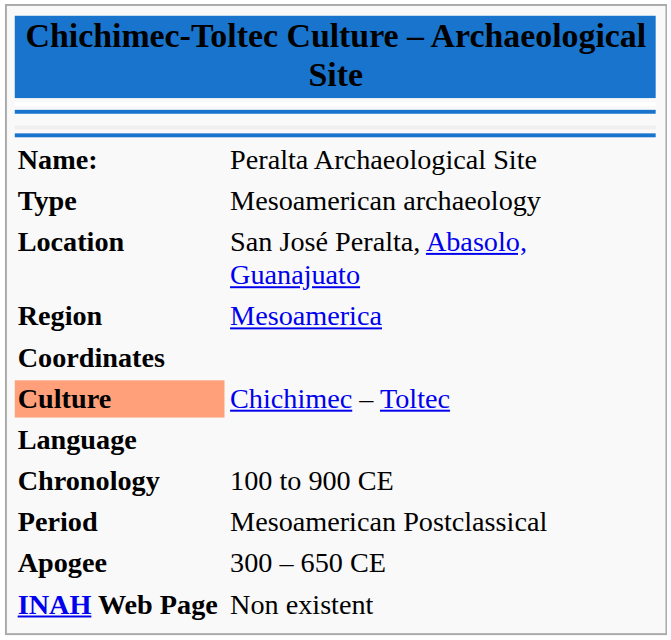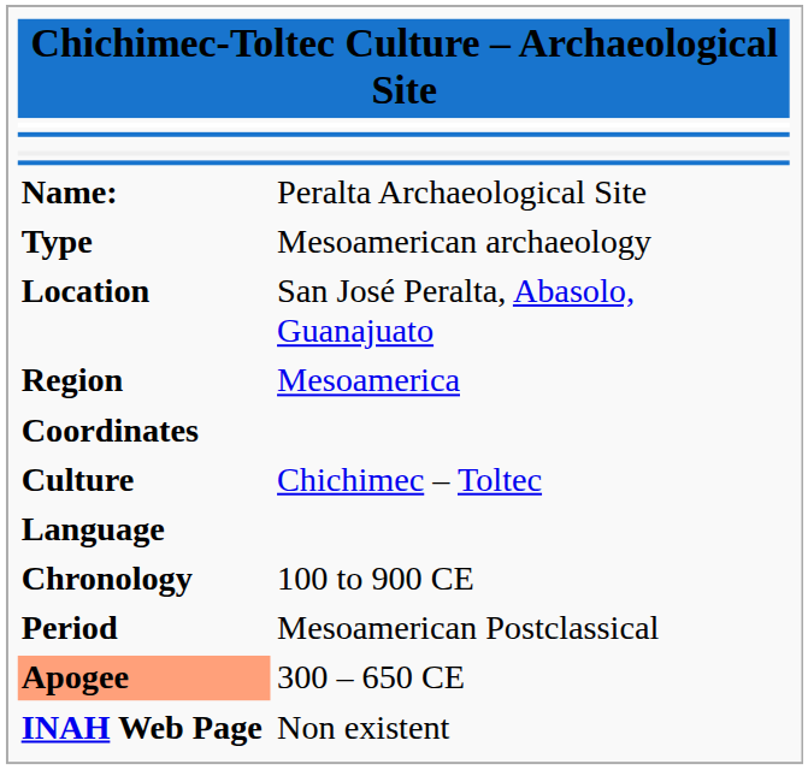 <table class="infobox" style="font-size:90%; text-align:left; width:23.5em">
 <tr>
 <td colspan="3" bgcolor=#1874CD style="text-align: center; font-size: larger;"><span><strong> Chichimec-Toltec Culture – Archaeological Site</strong></span></td>
 </tr>
 <tr style="vertical-align: top; text-align: center;">
 <td colspan=3 bgcolor="#FFFFFF" align="center"></td>
 </tr>
 <tr>
 <td colspan="2" bgcolor=#1874CD></td>
 </tr>
 <tr>
 <td colspan=2></td>
 </tr>
 <tr>
 <td style="background:#efefef;"align="center" colspan="2"></td>
 </tr>
 <tr>
 <td colspan="2" bgcolor=#1874CD></td>
 </tr>
 <tr>
 <td><strong>Name:</strong></td>
 <td><span> Peralta Archaeological Site</span></td>
 </tr>
 <tr>
 <td><strong>Type</strong></td>
 <td>Mesoamerican archaeology</td>
 </tr>
 <tr>
 <td><strong>Location</strong></td>
 <td>San José Peralta, <a href='#'>Abasolo, Guanajuato</a> <br></td>
 </tr>
 <tr>
 <td><strong>Region</strong></td>
 <td><a href='#'>Mesoamerica</a></td>
 </tr>
 <tr>
 <td><strong>Coordinates</strong></td>
 <td></td>
 </tr>
 <tr>
-<td style="background: lightsalmon;"><strong>Culture</strong></td>
+<td><strong>Culture</strong></td>
 <td><a href='#'>Chichimec</a> – <a href='#'>Toltec</a></td>
 </tr>
 <tr>
 <td><strong>Language</strong></td>
 <td></td>
 </tr>
 <tr>
 <td><strong>Chronology</strong></td>
 <td>100 to 900 CE</td>
 </tr>
 <tr>
 <td><strong>Period</strong></td>
 <td>Mesoamerican Postclassical</td>
 </tr>
 <tr>
-<td><strong>Apogee</strong></td>
+<td style="background: lightsalmon;"><strong>Apogee</strong></td>
 <td>300 – 650 CE</td>
 </tr>
 <tr>
 <td><strong><a href='#'>INAH</a> Web Page</strong></td>
 <td>Non existent</td>
 </tr>
 </table>
